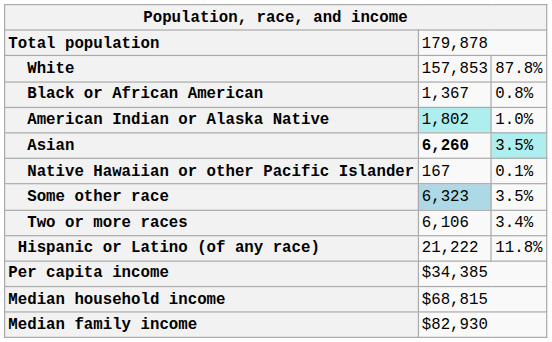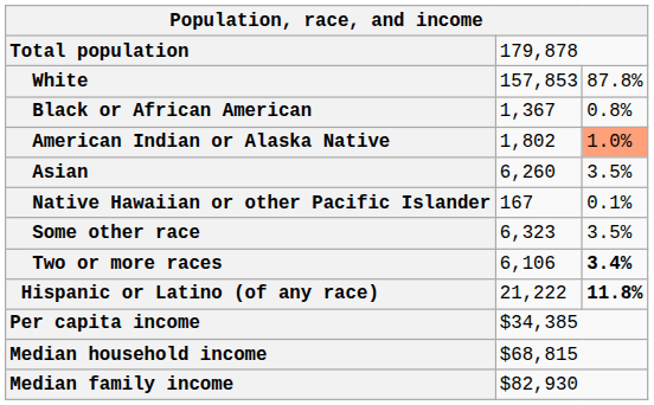 <table class="wikitable collapsible collapsed">
 <tr>
 <th colspan="6">Population, race, and income</th>
 </tr>
 <tr>
 <th scope="row" style="text-align: left;">Total population</th>
 <td colspan="2">179,878</td>
 </tr>
 <tr>
 <th scope="row" style="text-align: left;">  White</th>
 <td>157,853</td>
 <td>87.8%</td>
 </tr>
 <tr>
 <th scope="row" style="text-align: left;">  Black or African American</th>
 <td>1,367</td>
 <td>0.8%</td>
 </tr>
 <tr>
 <th scope="row" style="text-align: left;">  American Indian or Alaska Native</th>
-<td style="background: paleturquoise;">1,802</td>
-<td>1.0%</td>
+<td>1,802</td>
+<td style="background: lightsalmon;">1.0%</td>
 </tr>
 <tr>
 <th scope="row" style="text-align: left;">  Asian</th>
-<td><strong>6,260</strong></td>
-<td style="background: paleturquoise;">3.5%</td>
+<td>6,260</td>
+<td>3.5%</td>
 </tr>
 <tr>
 <th scope="row" style="text-align: left;">  Native Hawaiian or other Pacific Islander</th>
 <td>167</td>
 <td>0.1%</td>
 </tr>
 <tr>
 <th scope="row" style="text-align: left;">  Some other race</th>
-<td style="background: lightblue;">6,323</td>
+<td>6,323</td>
 <td>3.5%</td>
 </tr>
 <tr>
 <th scope="row" style="text-align: left;">  Two or more races</th>
 <td>6,106</td>
-<td>3.4%</td>
+<td><strong>3.4%</strong></td>
 </tr>
 <tr>
 <th scope="row" style="text-align: left;"> Hispanic or Latino (of any race)</th>
 <td>21,222</td>
-<td>11.8%</td>
+<td><strong>11.8%</strong></td>
 </tr>
 <tr>
 <th scope="row" style="text-align: left;">Per capita income</th>
 <td colspan="2">$34,385</td>
 </tr>
 <tr>
 <th scope="row" style="text-align: left;">Median household income</th>
 <td colspan="2">$68,815</td>
 </tr>
 <tr>
 <th scope="row" style="text-align: left;">Median family income</th>
 <td colspan="2">$82,930</td>
 </tr>
 </table>
